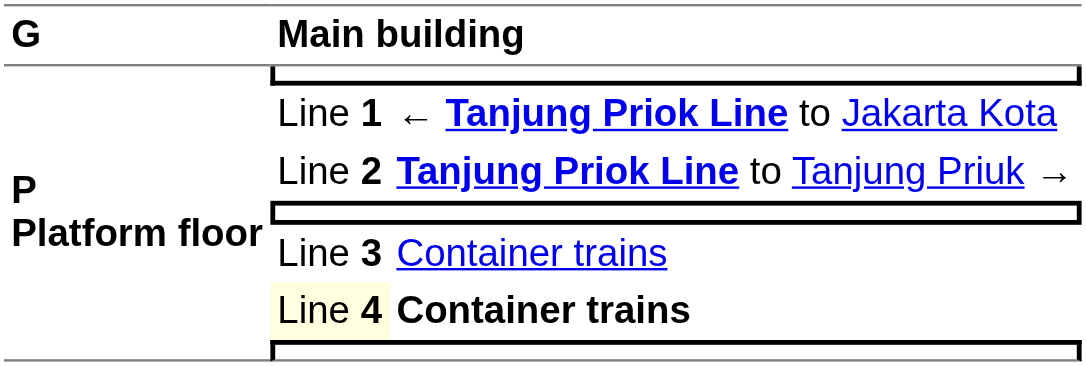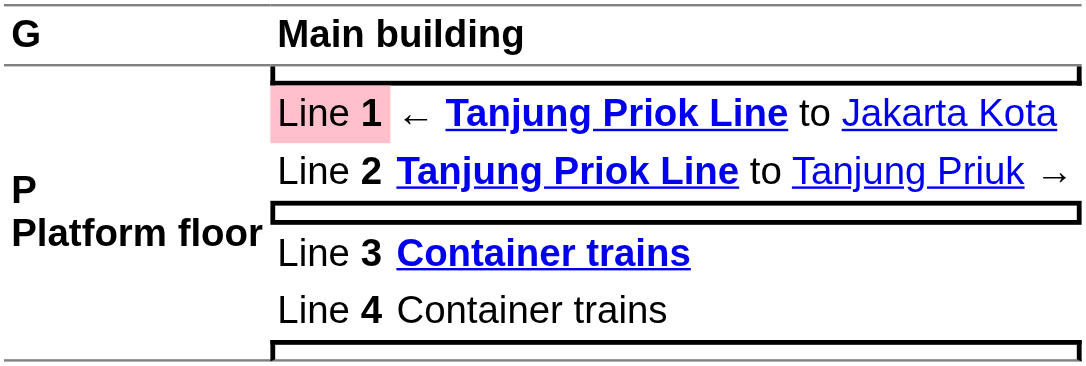 <table table border=0 cellspacing=0 cellpadding=3>
 <tr>
 <td style="border-top:solid 1px gray;border-bottom:solid 1px gray;"><strong>G</strong></td>
 <td style="border-top:solid 1px gray;border-bottom:solid 1px gray;"  colspan="2"><strong>Main building</strong></td>
 </tr>
 <tr>
 <td style="border-bottom:solid 1px gray;" rowspan="7"><strong>P</strong><br><strong>Platform floor</strong></td>
 <td style="border-bottom:solid 2px black;border-left:solid 2px black;border-right:solid 2px black; text-align:center" colspan="2"></td>
 </tr>
 <tr>
-<td>Line <strong>1</strong></td>
+<td style="background: pink;">Line <strong>1</strong></td>
 <td>←   <strong><a href='#'>Tanjung Priok Line</a></strong> to <a href='#'>Jakarta Kota</a></td>
 </tr>
 <tr>
 <td>Line <strong>2</strong></td>
 <td> <strong><a href='#'>Tanjung Priok Line</a></strong> to <a href='#'>Tanjung Priuk</a>  →</td>
 </tr>
 <tr>
 <td style="border-bottom:solid 2px black;border-top:solid 2px black;border-left:solid 2px black;border-right:solid 2px black; text-align:center" colspan="2"></td>
 </tr>
 <tr>
 <td>Line <strong>3</strong></td>
-<td><a href='#'>Container trains</a></td>
+<td><strong><a href='#'>Container trains</a></strong></td>
 </tr>
 <tr>
-<td style="background: lightyellow;">Line <strong>4</strong></td>
-<td><strong>Container trains</strong></td>
+<td>Line <strong>4</strong></td>
+<td>Container trains</td>
 </tr>
 <tr>
 <td style="border-bottom:solid 1px gray;border-top:solid 2px black;border-left:solid 2px black;border-right:solid 2px black; text-align:center" colspan="2"></td>
 </tr>
 </table>
